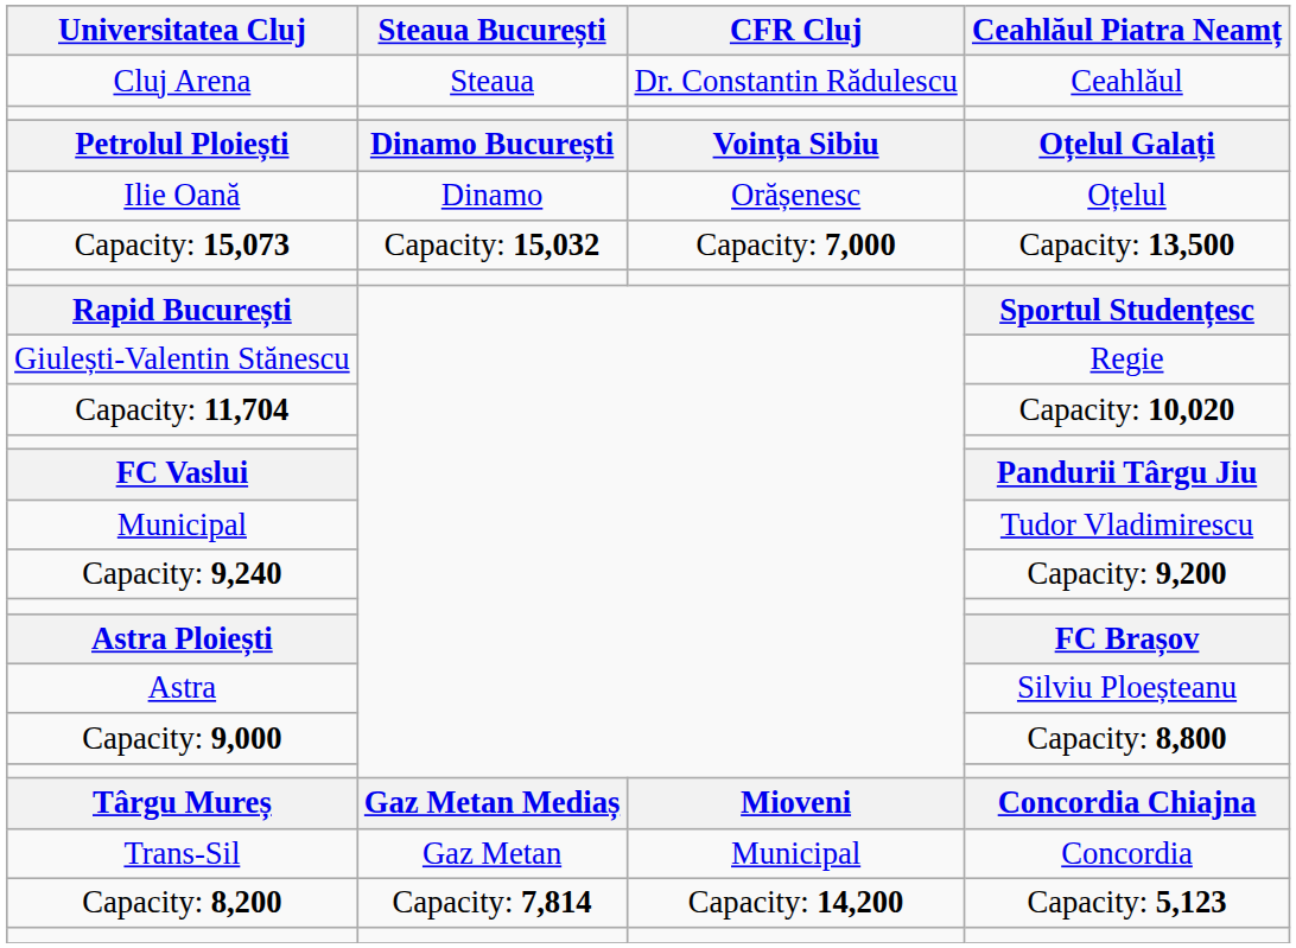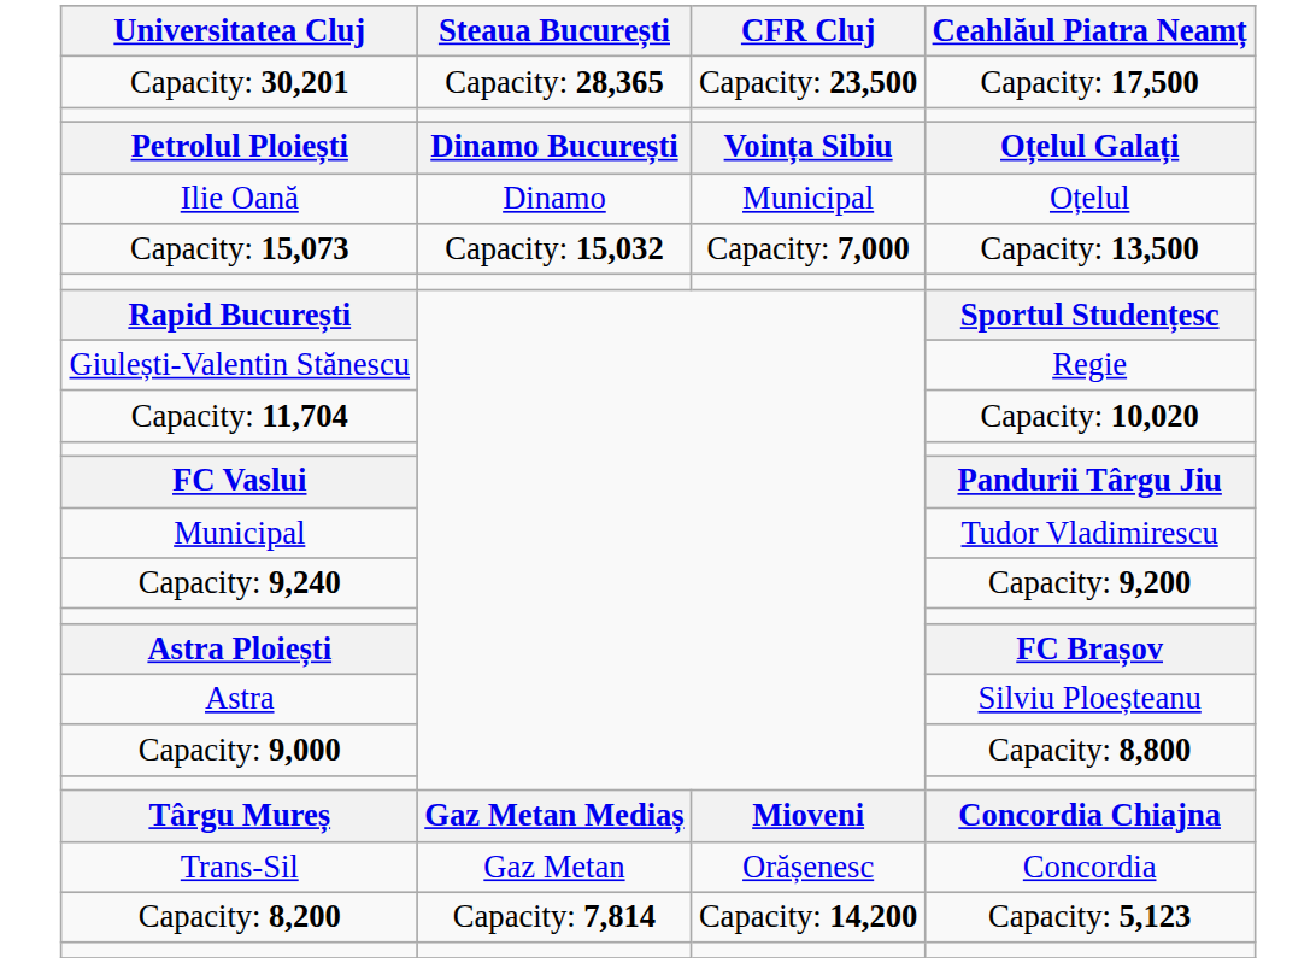 <table class="wikitable" style="text-align:center;margin:0.5em auto;">
 <tr>
 <th><a href='#'>Universitatea Cluj</a></th>
 <th><a href='#'>Steaua București</a></th>
 <th><a href='#'>CFR Cluj</a></th>
 <th><a href='#'>Ceahlăul Piatra Neamț</a></th>
 </tr>
 <tr>
-<td><a href='#'>Cluj Arena</a></td>
-<td><a href='#'>Steaua</a></td>
-<td><a href='#'>Dr. Constantin Rădulescu</a></td>
-<td><a href='#'>Ceahlăul</a></td>
+<td>Capacity: <strong>30,201</strong></td>
+<td>Capacity: <strong>28,365</strong></td>
+<td>Capacity: <strong>23,500</strong></td>
+<td>Capacity: <strong>17,500</strong></td>
 </tr>
 <tr>
 <td></td>
 <td></td>
 <td></td>
 <td></td>
 </tr>
 <tr>
 <th><a href='#'>Petrolul Ploiești</a></th>
 <th><a href='#'>Dinamo București</a></th>
 <th><a href='#'>Voința Sibiu</a></th>
 <th><a href='#'>Oțelul Galați</a></th>
 </tr>
 <tr>
 <td><a href='#'>Ilie Oană</a></td>
 <td><a href='#'>Dinamo</a></td>
-<td><a href='#'>Orășenesc</a></td>
+<td><a href='#'>Municipal</a></td>
 <td><a href='#'>Oțelul</a></td>
 </tr>
 <tr>
 <td>Capacity: <strong>15,073</strong></td>
 <td>Capacity: <strong>15,032</strong></td>
 <td>Capacity: <strong>7,000</strong></td>
 <td>Capacity: <strong>13,500</strong></td>
 </tr>
 <tr>
 <td></td>
 <td></td>
 <td></td>
 <td></td>
 </tr>
 <tr>
 <th><a href='#'>Rapid București</a></th>
 <td colspan="2" rowspan="12"><br> </td>
 <th><a href='#'>Sportul Studențesc</a></th>
 </tr>
 <tr>
 <td><a href='#'>Giulești-Valentin Stănescu</a></td>
 <td><a href='#'>Regie</a></td>
 </tr>
 <tr>
 <td>Capacity: <strong>11,704</strong></td>
 <td>Capacity: <strong>10,020</strong></td>
 </tr>
 <tr>
 <td></td>
 <td></td>
 </tr>
 <tr>
 <th><a href='#'>FC Vaslui</a></th>
 <th><a href='#'>Pandurii Târgu Jiu</a></th>
 </tr>
 <tr>
 <td><a href='#'>Municipal</a></td>
 <td><a href='#'>Tudor Vladimirescu</a></td>
 </tr>
 <tr>
 <td>Capacity: <strong>9,240</strong></td>
 <td>Capacity: <strong>9,200</strong></td>
 </tr>
 <tr>
 <td></td>
 <td></td>
 </tr>
 <tr>
 <th><a href='#'>Astra Ploiești</a></th>
 <th><a href='#'>FC Brașov</a></th>
 </tr>
 <tr>
 <td><a href='#'>Astra</a></td>
 <td><a href='#'>Silviu Ploeșteanu</a></td>
 </tr>
 <tr>
 <td>Capacity: <strong>9,000</strong></td>
 <td>Capacity: <strong>8,800</strong></td>
 </tr>
 <tr>
 <td></td>
 <td></td>
 </tr>
 <tr>
 <th><a href='#'>Târgu Mureș</a></th>
 <th><a href='#'>Gaz Metan Mediaș</a></th>
 <th><a href='#'>Mioveni</a></th>
 <th><a href='#'>Concordia Chiajna</a></th>
 </tr>
 <tr>
 <td><a href='#'>Trans-Sil</a></td>
 <td><a href='#'>Gaz Metan</a></td>
-<td><a href='#'>Municipal</a></td>
+<td><a href='#'>Orășenesc</a></td>
 <td><a href='#'>Concordia</a></td>
 </tr>
 <tr>
 <td>Capacity: <strong>8,200</strong></td>
 <td>Capacity: <strong>7,814</strong></td>
 <td>Capacity: <strong>14,200</strong></td>
 <td>Capacity: <strong>5,123</strong></td>
 </tr>
 <tr>
 <td></td>
 <td></td>
 <td></td>
 <td></td>
 </tr>
 </table>
